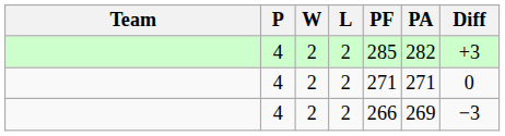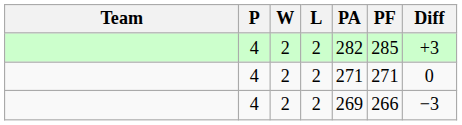 <table class=wikitable style="text-align:center">
 <tr>
 <th width=200>Team</th>
 <th width=20>P</th>
 <th width=20>W</th>
 <th width=20>L</th>
+<th width=20>PA</th>
 <th width=20>PF</th>
-<th width=20>PA</th>
 <th width=40>Diff</th>
 </tr>
 <tr bgcolor=ccffcc>
 <td style="text-align:left"></td>
 <td>4</td>
 <td>2</td>
 <td>2</td>
+<td>282</td>
 <td>285</td>
-<td>282</td>
 <td>+3</td>
 </tr>
 <tr>
 <td style="text-align:left"></td>
 <td>4</td>
 <td>2</td>
 <td>2</td>
 <td>271</td>
 <td>271</td>
 <td>0</td>
 </tr>
 <tr>
 <td style="text-align:left"></td>
 <td>4</td>
 <td>2</td>
 <td>2</td>
+<td>269</td>
 <td>266</td>
-<td>269</td>
 <td>−3</td>
 </tr>
 </table>
